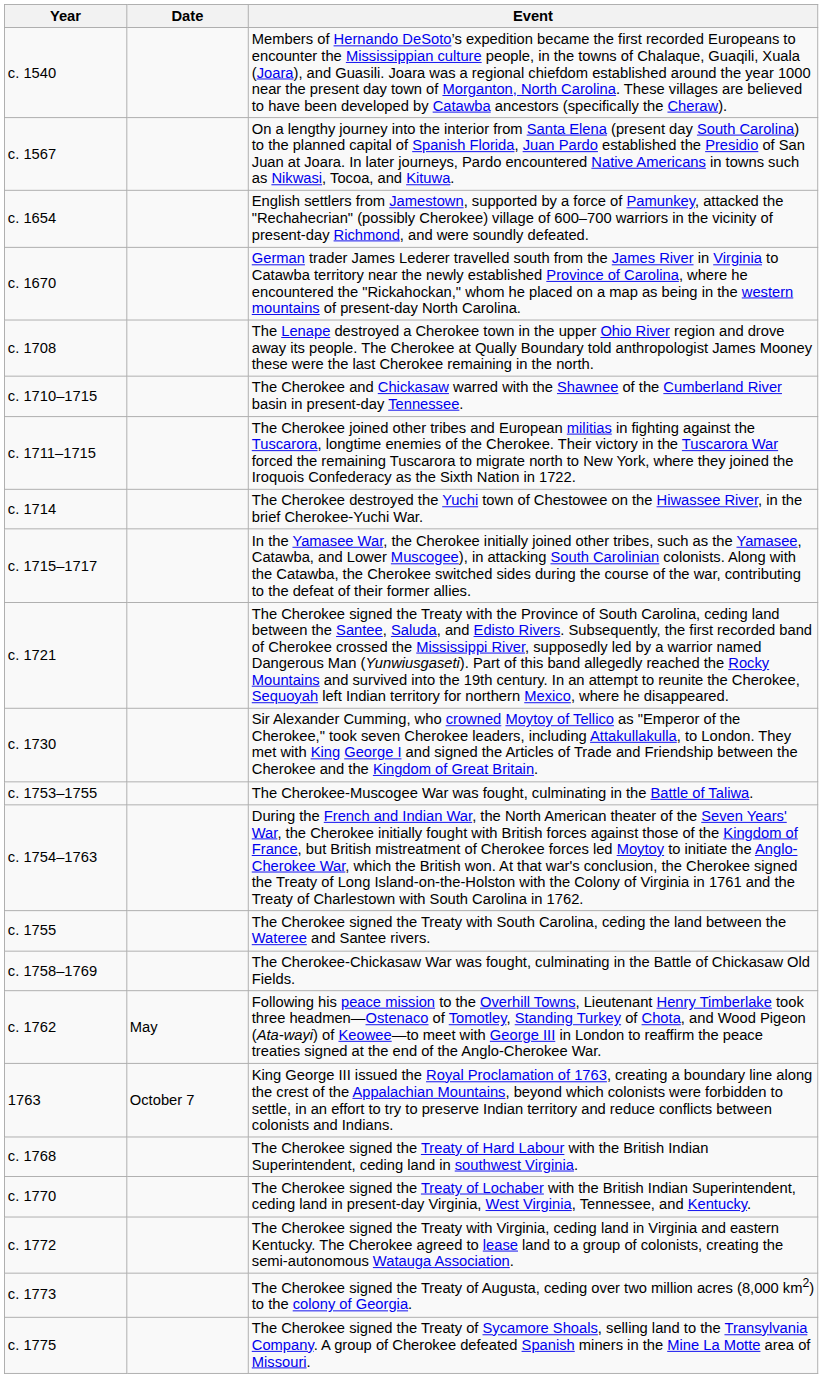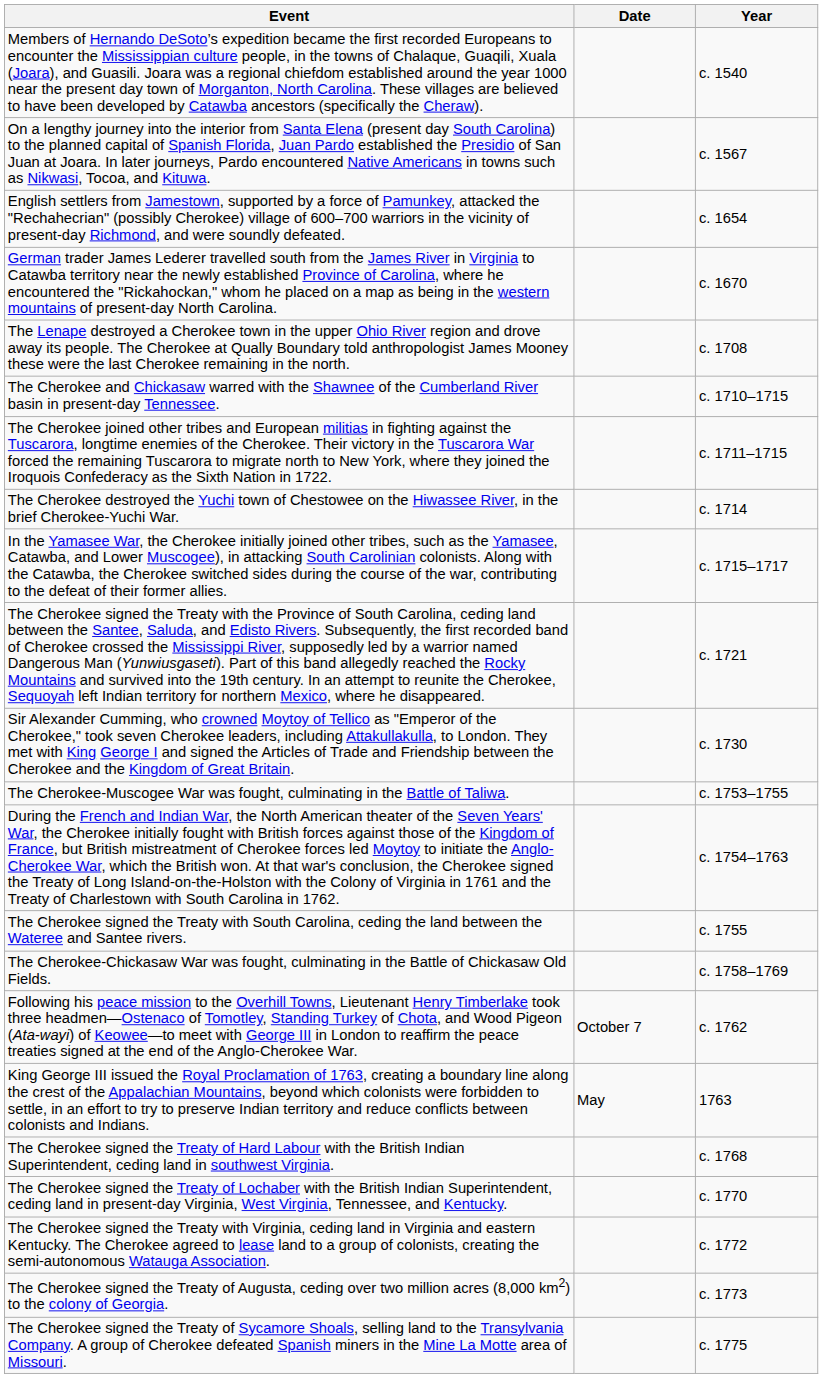 <table class="wikitable" width="70%">
 <tr>
+<th>Event</th>
+<th style="width:15%">Date</th>
 <th style="width:15%">Year</th>
-<th style="width:15%">Date</th>
-<th>Event</th>
 </tr>
 <tr>
+<td>Members of <a href='#'>Hernando DeSoto</a>’s expedition became the first recorded Europeans to encounter the <a href='#'>Mississippian culture</a> people, in the towns of Chalaque, Guaqili, Xuala (<a href='#'>Joara</a>), and Guasili. Joara was a regional chiefdom established around the year 1000 near the present day town of <a href='#'>Morganton, North Carolina</a>. These villages are believed to have been developed by <a href='#'>Catawba</a> ancestors (specifically the <a href='#'>Cheraw</a>).</td>
+<td></td>
 <td>c. 1540</td>
-<td></td>
-<td>Members of <a href='#'>Hernando DeSoto</a>’s expedition became the first recorded Europeans to encounter the <a href='#'>Mississippian culture</a> people, in the towns of Chalaque, Guaqili, Xuala (<a href='#'>Joara</a>), and Guasili. Joara was a regional chiefdom established around the year 1000 near the present day town of <a href='#'>Morganton, North Carolina</a>. These villages are believed to have been developed by <a href='#'>Catawba</a> ancestors (specifically the <a href='#'>Cheraw</a>).</td>
 </tr>
 <tr>
+<td>On a lengthy journey into the interior from <a href='#'>Santa Elena</a> (present day <a href='#'>South Carolina</a>) to the planned capital of <a href='#'>Spanish Florida</a>, <a href='#'>Juan Pardo</a> established the <a href='#'>Presidio</a> of San Juan at Joara. In later journeys, Pardo encountered <a href='#'>Native Americans</a> in towns such as <a href='#'>Nikwasi</a>, Tocoa, and <a href='#'>Kituwa</a>.</td>
+<td></td>
 <td>c. 1567</td>
-<td></td>
-<td>On a lengthy journey into the interior from <a href='#'>Santa Elena</a> (present day <a href='#'>South Carolina</a>) to the planned capital of <a href='#'>Spanish Florida</a>, <a href='#'>Juan Pardo</a> established the <a href='#'>Presidio</a> of San Juan at Joara. In later journeys, Pardo encountered <a href='#'>Native Americans</a> in towns such as <a href='#'>Nikwasi</a>, Tocoa, and <a href='#'>Kituwa</a>.</td>
 </tr>
 <tr>
+<td>English settlers from <a href='#'>Jamestown</a>, supported by a force of <a href='#'>Pamunkey</a>, attacked the "Rechahecrian" (possibly Cherokee) village of 600–700 warriors in the vicinity of present-day <a href='#'>Richmond</a>, and were soundly defeated.</td>
+<td></td>
 <td>c. 1654</td>
-<td></td>
-<td>English settlers from <a href='#'>Jamestown</a>, supported by a force of <a href='#'>Pamunkey</a>, attacked the "Rechahecrian" (possibly Cherokee) village of 600–700 warriors in the vicinity of present-day <a href='#'>Richmond</a>, and were soundly defeated.</td>
 </tr>
 <tr>
+<td><a href='#'>German</a> trader James Lederer travelled south from the <a href='#'>James River</a> in <a href='#'>Virginia</a> to Catawba territory near the newly established <a href='#'>Province of Carolina</a>, where he encountered the "Rickahockan," whom he placed on a map as being in the <a href='#'>western mountains</a> of present-day North Carolina.</td>
+<td></td>
 <td>c. 1670</td>
-<td></td>
-<td><a href='#'>German</a> trader James Lederer travelled south from the <a href='#'>James River</a> in <a href='#'>Virginia</a> to Catawba territory near the newly established <a href='#'>Province of Carolina</a>, where he encountered the "Rickahockan," whom he placed on a map as being in the <a href='#'>western mountains</a> of present-day North Carolina.</td>
 </tr>
 <tr>
+<td>The <a href='#'>Lenape</a> destroyed a Cherokee town in the upper <a href='#'>Ohio River</a> region and drove away its people. The Cherokee at Qually Boundary told anthropologist James Mooney these were the last Cherokee remaining in the north.</td>
+<td></td>
 <td>c. 1708</td>
-<td></td>
-<td>The <a href='#'>Lenape</a> destroyed a Cherokee town in the upper <a href='#'>Ohio River</a> region and drove away its people. The Cherokee at Qually Boundary told anthropologist James Mooney these were the last Cherokee remaining in the north.</td>
 </tr>
 <tr>
+<td>The Cherokee and <a href='#'>Chickasaw</a> warred with the <a href='#'>Shawnee</a> of the <a href='#'>Cumberland River</a> basin in present-day <a href='#'>Tennessee</a>.</td>
+<td></td>
 <td>c. 1710–1715</td>
-<td></td>
-<td>The Cherokee and <a href='#'>Chickasaw</a> warred with the <a href='#'>Shawnee</a> of the <a href='#'>Cumberland River</a> basin in present-day <a href='#'>Tennessee</a>.</td>
 </tr>
 <tr>
+<td>The Cherokee joined other tribes and European <a href='#'>militias</a> in fighting against the <a href='#'>Tuscarora</a>, longtime enemies of the Cherokee. Their victory in the <a href='#'>Tuscarora War</a> forced the remaining Tuscarora to migrate north to New York, where they joined the Iroquois Confederacy as the Sixth Nation in 1722.</td>
+<td></td>
 <td>c. 1711–1715</td>
-<td></td>
-<td>The Cherokee joined other tribes and European <a href='#'>militias</a> in fighting against the <a href='#'>Tuscarora</a>, longtime enemies of the Cherokee. Their victory in the <a href='#'>Tuscarora War</a> forced the remaining Tuscarora to migrate north to New York, where they joined the Iroquois Confederacy as the Sixth Nation in 1722.</td>
 </tr>
 <tr>
+<td>The Cherokee destroyed the <a href='#'>Yuchi</a> town of Chestowee on the <a href='#'>Hiwassee River</a>, in the brief Cherokee-Yuchi War.</td>
+<td></td>
 <td>c. 1714</td>
-<td></td>
-<td>The Cherokee destroyed the <a href='#'>Yuchi</a> town of Chestowee on the <a href='#'>Hiwassee River</a>, in the brief Cherokee-Yuchi War.</td>
 </tr>
 <tr>
+<td>In the <a href='#'>Yamasee War</a>, the Cherokee initially joined other tribes, such as the <a href='#'>Yamasee</a>, Catawba, and Lower <a href='#'>Muscogee</a>), in attacking <a href='#'>South Carolinian</a> colonists. Along with the Catawba, the Cherokee switched sides during the course of the war, contributing to the defeat of their former allies.</td>
+<td></td>
 <td>c. 1715–1717</td>
-<td></td>
-<td>In the <a href='#'>Yamasee War</a>, the Cherokee initially joined other tribes, such as the <a href='#'>Yamasee</a>, Catawba, and Lower <a href='#'>Muscogee</a>), in attacking <a href='#'>South Carolinian</a> colonists. Along with the Catawba, the Cherokee switched sides during the course of the war, contributing to the defeat of their former allies.</td>
 </tr>
 <tr>
+<td>The Cherokee signed the Treaty with the Province of South Carolina, ceding land between the <a href='#'>Santee</a>, <a href='#'>Saluda</a>, and <a href='#'>Edisto Rivers</a>. Subsequently, the first recorded band of Cherokee crossed the <a href='#'>Mississippi River</a>, supposedly led by a warrior named Dangerous Man (<em>Yunwiusgaseti</em>). Part of this band allegedly reached the <a href='#'>Rocky Mountains</a> and survived into the 19th century. In an attempt to reunite the Cherokee, <a href='#'>Sequoyah</a> left Indian territory for northern <a href='#'>Mexico</a>, where he disappeared.</td>
+<td></td>
 <td>c. 1721</td>
-<td></td>
-<td>The Cherokee signed the Treaty with the Province of South Carolina, ceding land between the <a href='#'>Santee</a>, <a href='#'>Saluda</a>, and <a href='#'>Edisto Rivers</a>. Subsequently, the first recorded band of Cherokee crossed the <a href='#'>Mississippi River</a>, supposedly led by a warrior named Dangerous Man (<em>Yunwiusgaseti</em>). Part of this band allegedly reached the <a href='#'>Rocky Mountains</a> and survived into the 19th century. In an attempt to reunite the Cherokee, <a href='#'>Sequoyah</a> left Indian territory for northern <a href='#'>Mexico</a>, where he disappeared.</td>
 </tr>
 <tr>
+<td>Sir Alexander Cumming, who <a href='#'>crowned</a> <a href='#'>Moytoy of Tellico</a> as "Emperor of the Cherokee," took seven Cherokee leaders, including <a href='#'>Attakullakulla</a>, to London. They met with <a href='#'>King</a> <a href='#'>George I</a> and signed the Articles of Trade and Friendship between the Cherokee and the <a href='#'>Kingdom of Great Britain</a>.</td>
+<td></td>
 <td>c. 1730</td>
-<td></td>
-<td>Sir Alexander Cumming, who <a href='#'>crowned</a> <a href='#'>Moytoy of Tellico</a> as "Emperor of the Cherokee," took seven Cherokee leaders, including <a href='#'>Attakullakulla</a>, to London. They met with <a href='#'>King</a> <a href='#'>George I</a> and signed the Articles of Trade and Friendship between the Cherokee and the <a href='#'>Kingdom of Great Britain</a>.</td>
 </tr>
 <tr>
+<td>The Cherokee-Muscogee War was fought, culminating in the <a href='#'>Battle of Taliwa</a>.</td>
+<td></td>
 <td>c. 1753–1755</td>
-<td></td>
-<td>The Cherokee-Muscogee War was fought, culminating in the <a href='#'>Battle of Taliwa</a>.</td>
 </tr>
 <tr>
+<td>During the <a href='#'>French and Indian War</a>, the North American theater of the <a href='#'>Seven Years' War</a>, the Cherokee initially fought with British forces against those of the <a href='#'>Kingdom of France</a>, but British mistreatment of Cherokee forces led <a href='#'>Moytoy</a> to initiate the <a href='#'>Anglo-Cherokee War</a>, which the British won. At that war's conclusion, the Cherokee signed the Treaty of Long Island-on-the-Holston with the Colony of Virginia in 1761 and the Treaty of Charlestown with South Carolina in 1762.</td>
+<td></td>
 <td>c. 1754–1763</td>
-<td></td>
-<td>During the <a href='#'>French and Indian War</a>, the North American theater of the <a href='#'>Seven Years' War</a>, the Cherokee initially fought with British forces against those of the <a href='#'>Kingdom of France</a>, but British mistreatment of Cherokee forces led <a href='#'>Moytoy</a> to initiate the <a href='#'>Anglo-Cherokee War</a>, which the British won. At that war's conclusion, the Cherokee signed the Treaty of Long Island-on-the-Holston with the Colony of Virginia in 1761 and the Treaty of Charlestown with South Carolina in 1762.</td>
 </tr>
 <tr>
+<td>The Cherokee signed the Treaty with South Carolina, ceding the land between the <a href='#'>Wateree</a> and Santee rivers.</td>
+<td></td>
 <td>c. 1755</td>
-<td></td>
-<td>The Cherokee signed the Treaty with South Carolina, ceding the land between the <a href='#'>Wateree</a> and Santee rivers.</td>
 </tr>
 <tr>
+<td>The Cherokee-Chickasaw War was fought, culminating in the Battle of Chickasaw Old Fields.</td>
+<td></td>
 <td>c. 1758–1769</td>
-<td></td>
-<td>The Cherokee-Chickasaw War was fought, culminating in the Battle of Chickasaw Old Fields.</td>
 </tr>
 <tr>
+<td>Following his <a href='#'>peace mission</a> to the <a href='#'>Overhill Towns</a>, Lieutenant <a href='#'>Henry Timberlake</a> took three  headmen—<a href='#'>Ostenaco</a> of <a href='#'>Tomotley</a>, <a href='#'>Standing Turkey</a> of <a href='#'>Chota</a>, and Wood Pigeon (<em>Ata-wayi</em>) of <a href='#'>Keowee</a>—to meet with <a href='#'>George III</a> in London to reaffirm the peace treaties signed at the end of the Anglo-Cherokee War.</td>
+<td>October 7</td>
 <td>c. 1762</td>
-<td>May</td>
-<td>Following his <a href='#'>peace mission</a> to the <a href='#'>Overhill Towns</a>, Lieutenant <a href='#'>Henry Timberlake</a> took three  headmen—<a href='#'>Ostenaco</a> of <a href='#'>Tomotley</a>, <a href='#'>Standing Turkey</a> of <a href='#'>Chota</a>, and Wood Pigeon (<em>Ata-wayi</em>) of <a href='#'>Keowee</a>—to meet with <a href='#'>George III</a> in London to reaffirm the peace treaties signed at the end of the Anglo-Cherokee War.</td>
 </tr>
 <tr>
+<td>King George III issued the <a href='#'>Royal Proclamation of 1763</a>, creating a boundary line along the crest of the <a href='#'>Appalachian Mountains</a>, beyond which colonists were forbidden to settle, in an effort to try to preserve Indian territory and reduce conflicts between colonists and Indians.</td>
+<td>May</td>
 <td>1763</td>
-<td>October 7</td>
-<td>King George III issued the <a href='#'>Royal Proclamation of 1763</a>, creating a boundary line along the crest of the <a href='#'>Appalachian Mountains</a>, beyond which colonists were forbidden to settle, in an effort to try to preserve Indian territory and reduce conflicts between colonists and Indians.</td>
 </tr>
 <tr>
+<td>The Cherokee signed the <a href='#'>Treaty of Hard Labour</a> with the British Indian Superintendent, ceding land in <a href='#'>southwest Virginia</a>.</td>
+<td></td>
 <td>c. 1768</td>
-<td></td>
-<td>The Cherokee signed the <a href='#'>Treaty of Hard Labour</a> with the British Indian Superintendent, ceding land in <a href='#'>southwest Virginia</a>.</td>
 </tr>
 <tr>
+<td>The Cherokee signed the <a href='#'>Treaty of Lochaber</a> with the British Indian Superintendent, ceding land in present-day Virginia, <a href='#'>West Virginia</a>, Tennessee, and <a href='#'>Kentucky</a>.</td>
+<td></td>
 <td>c. 1770</td>
-<td></td>
-<td>The Cherokee signed the <a href='#'>Treaty of Lochaber</a> with the British Indian Superintendent, ceding land in present-day Virginia, <a href='#'>West Virginia</a>, Tennessee, and <a href='#'>Kentucky</a>.</td>
 </tr>
 <tr>
+<td>The Cherokee signed the Treaty with Virginia, ceding land in Virginia and eastern Kentucky. The Cherokee agreed to <a href='#'>lease</a> land to a group of colonists, creating the semi-autonomous <a href='#'>Watauga Association</a>.</td>
+<td></td>
 <td>c. 1772</td>
-<td></td>
-<td>The Cherokee signed the Treaty with Virginia, ceding land in Virginia and eastern Kentucky. The Cherokee agreed to <a href='#'>lease</a> land to a group of colonists, creating the semi-autonomous <a href='#'>Watauga Association</a>.</td>
 </tr>
 <tr>
+<td>The Cherokee signed the Treaty of Augusta, ceding over two million acres (8,000 km<sup>2</sup>) to the <a href='#'>colony of Georgia</a>.</td>
+<td></td>
 <td>c. 1773</td>
-<td></td>
-<td>The Cherokee signed the Treaty of Augusta, ceding over two million acres (8,000 km<sup>2</sup>) to the <a href='#'>colony of Georgia</a>.</td>
 </tr>
 <tr>
+<td>The Cherokee signed the Treaty of <a href='#'>Sycamore Shoals</a>, selling land to the <a href='#'>Transylvania Company</a>. A group of Cherokee defeated <a href='#'>Spanish</a> miners in the <a href='#'>Mine La Motte</a> area of <a href='#'>Missouri</a>.</td>
+<td></td>
 <td>c. 1775</td>
-<td></td>
-<td>The Cherokee signed the Treaty of <a href='#'>Sycamore Shoals</a>, selling land to the <a href='#'>Transylvania Company</a>. A group of Cherokee defeated <a href='#'>Spanish</a> miners in the <a href='#'>Mine La Motte</a> area of <a href='#'>Missouri</a>.</td>
 </tr>
 </table>
